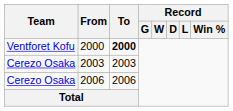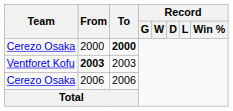 <table class="wikitable" style="text-align: center">
 <tr>
 <th rowspan="2">Team</th>
 <th rowspan="2">From</th>
 <th rowspan="2">To</th>
 <th colspan="5">Record</th>
 </tr>
 <tr>
 <th>G</th>
 <th>W</th>
 <th>D</th>
 <th>L</th>
 <th>Win %</th>
 </tr>
 <tr>
-<td align="left"><a href='#'>Ventforet Kofu</a></td>
+<td align="left"><a href='#'>Cerezo Osaka</a></td>
 <td align="left">2000</td>
 <td align="left"><strong>2000<br></strong></td>
 </tr>
 <tr>
-<td align="left"><a href='#'>Cerezo Osaka</a></td>
-<td align="left">2003</td>
+<td align="left"><a href='#'>Ventforet Kofu</a></td>
+<td align="left"><strong>2003</strong></td>
 <td align="left">2003<br></td>
 </tr>
 <tr>
 <td align="left"><a href='#'>Cerezo Osaka</a></td>
 <td align="left">2006</td>
 <td align="left">2006<br></td>
 </tr>
 <tr>
 <th colspan="3">Total<br></th>
 </tr>
 </table>
